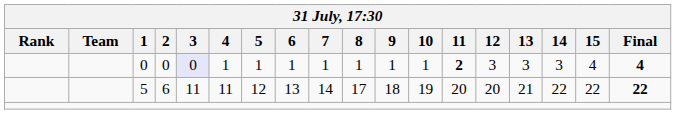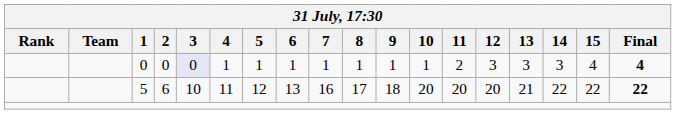 <table class=wikitable style="text-align:center; width: 55%">
 <tr>
 <th colspan=21><em>31 July, 17:30</em></th>
 </tr>
 <tr>
 <th>Rank</th>
 <th>Team</th>
 <th>1</th>
 <th>2</th>
 <th>3</th>
 <th>4</th>
 <th>5</th>
 <th>6</th>
 <th>7</th>
 <th>8</th>
 <th>9</th>
 <th>10</th>
 <th>11</th>
 <th>12</th>
 <th>13</th>
 <th>14</th>
 <th>15</th>
 <th>Final</th>
 </tr>
 <tr>
 <td></td>
 <td align=left></td>
 <td>0</td>
 <td>0</td>
 <td style="background: lavender;">0</td>
 <td>1</td>
 <td>1</td>
 <td>1</td>
 <td>1</td>
 <td>1</td>
 <td>1</td>
 <td>1</td>
-<td><strong>2</strong></td>
+<td>2</td>
 <td>3</td>
 <td>3</td>
 <td>3</td>
 <td>4</td>
 <td><strong>4</strong></td>
 </tr>
 <tr>
 <td></td>
 <td align=left><strong></strong></td>
 <td>5</td>
 <td>6</td>
-<td>11</td>
+<td>10</td>
 <td>11</td>
 <td>12</td>
 <td>13</td>
-<td>14</td>
+<td>16</td>
 <td>17</td>
 <td>18</td>
-<td>19</td>
+<td>20</td>
 <td>20</td>
 <td>20</td>
 <td>21</td>
 <td>22</td>
 <td>22</td>
 <td><strong>22</strong></td>
 </tr>
 <tr>
 <td colspan=21></td>
 </tr>
 </table>
